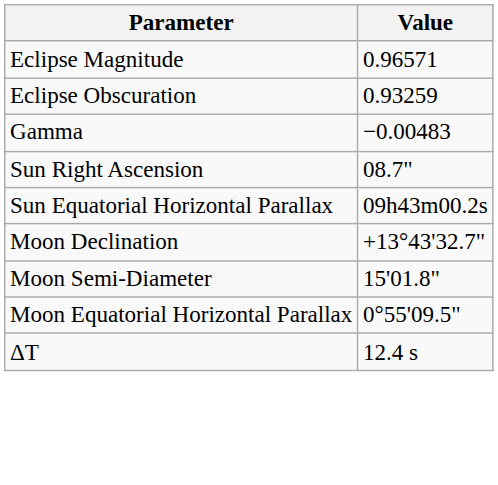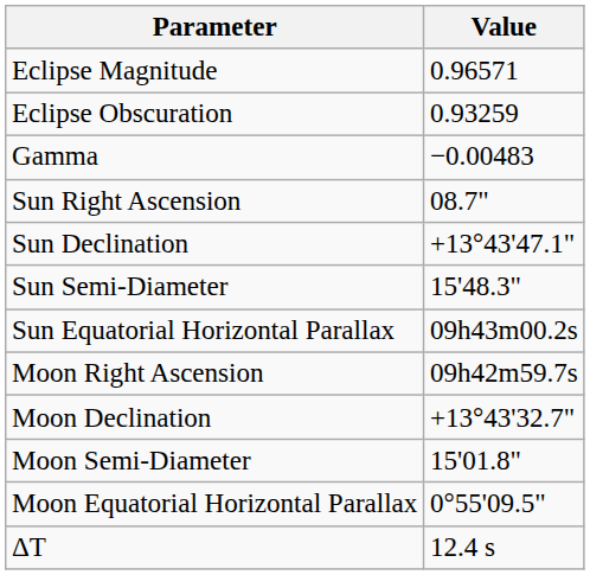 <table class="wikitable">
 <tr>
 <th>Parameter</th>
 <th>Value</th>
 </tr>
 <tr>
 <td>Eclipse Magnitude</td>
 <td>0.96571</td>
 </tr>
 <tr>
 <td>Eclipse Obscuration</td>
 <td>0.93259</td>
 </tr>
 <tr>
 <td>Gamma</td>
 <td>−0.00483</td>
 </tr>
 <tr>
 <td>Sun Right Ascension</td>
 <td>08.7"</td>
 </tr>
 <tr>
+<td>Sun Declination</td>
+<td>+13°43'47.1"</td>
+</tr>
+<tr>
+<td>Sun Semi-Diameter</td>
+<td>15'48.3"</td>
+</tr>
+<tr>
 <td>Sun Equatorial Horizontal Parallax</td>
 <td>09h43m00.2s</td>
+</tr>
+<tr>
+<td>Moon Right Ascension</td>
+<td>09h42m59.7s</td>
 </tr>
 <tr>
 <td>Moon Declination</td>
 <td>+13°43'32.7"</td>
 </tr>
 <tr>
 <td>Moon Semi-Diameter</td>
 <td>15'01.8"</td>
 </tr>
 <tr>
 <td>Moon Equatorial Horizontal Parallax</td>
 <td>0°55'09.5"</td>
 </tr>
 <tr>
 <td>ΔT</td>
 <td>12.4 s</td>
 </tr>
 </table>
